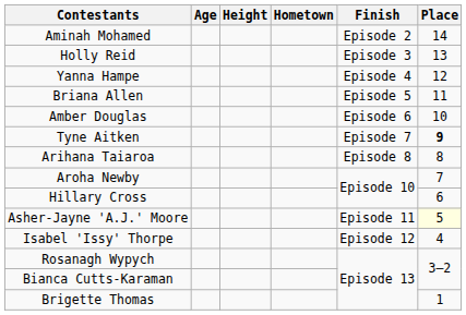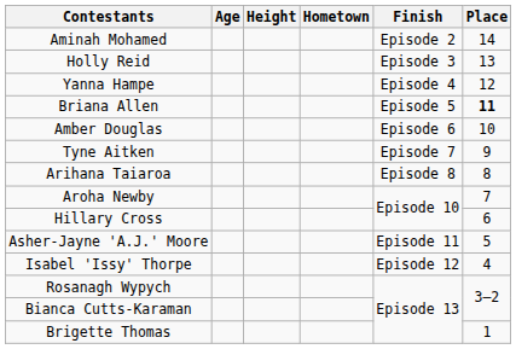 <table class="wikitable sortable" style="text-align:center;">
 <tr>
 <th>Contestants</th>
 <th>Age</th>
 <th>Height</th>
 <th>Hometown</th>
 <th>Finish</th>
 <th>Place</th>
 </tr>
 <tr>
 <td>Aminah Mohamed</td>
 <td></td>
 <td></td>
 <td></td>
 <td>Episode 2</td>
 <td>14</td>
 </tr>
 <tr>
 <td>Holly Reid</td>
 <td></td>
 <td></td>
 <td></td>
 <td>Episode 3</td>
 <td>13</td>
 </tr>
 <tr>
 <td>Yanna Hampe</td>
 <td></td>
 <td></td>
 <td></td>
 <td>Episode 4</td>
 <td>12</td>
 </tr>
 <tr>
 <td>Briana Allen</td>
 <td></td>
 <td></td>
 <td></td>
 <td>Episode 5</td>
-<td>11</td>
+<td><strong>11</strong></td>
 </tr>
 <tr>
 <td>Amber Douglas</td>
 <td></td>
 <td></td>
 <td></td>
 <td>Episode 6</td>
 <td>10</td>
 </tr>
 <tr>
 <td>Tyne Aitken</td>
 <td></td>
 <td></td>
 <td></td>
 <td>Episode 7</td>
-<td><strong>9</strong></td>
+<td>9</td>
 </tr>
 <tr>
 <td>Arihana Taiaroa</td>
 <td></td>
 <td></td>
 <td></td>
 <td>Episode 8</td>
 <td>8</td>
 </tr>
 <tr>
 <td>Aroha Newby</td>
 <td></td>
 <td></td>
 <td></td>
 <td rowspan="2">Episode 10</td>
 <td>7</td>
 </tr>
 <tr>
 <td>Hillary Cross</td>
 <td></td>
 <td></td>
 <td></td>
 <td>6</td>
 </tr>
 <tr>
 <td>Asher-Jayne 'A.J.' Moore</td>
 <td></td>
 <td></td>
 <td></td>
 <td>Episode 11</td>
-<td style="background: lightyellow;">5</td>
+<td>5</td>
 </tr>
 <tr>
 <td>Isabel 'Issy' Thorpe</td>
 <td></td>
 <td></td>
 <td></td>
 <td>Episode 12</td>
 <td>4</td>
 </tr>
 <tr>
 <td>Rosanagh Wypych</td>
 <td></td>
 <td></td>
 <td></td>
 <td rowspan="3">Episode 13</td>
 <td rowspan="2">3–2</td>
 </tr>
 <tr>
 <td>Bianca Cutts-Karaman</td>
 <td></td>
 <td></td>
 <td></td>
 </tr>
 <tr>
 <td>Brigette Thomas</td>
 <td></td>
 <td></td>
 <td></td>
 <td>1</td>
 </tr>
 </table>
